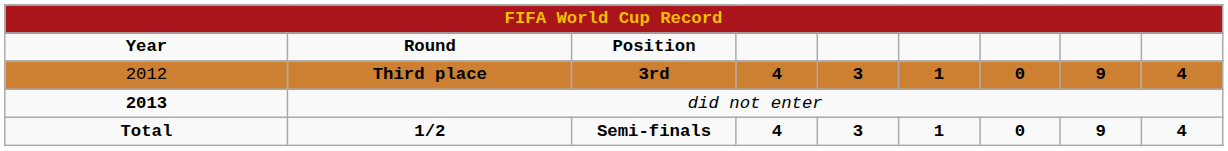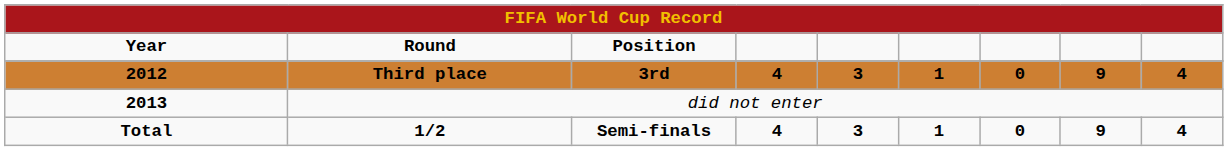 <table align=border width=52% border=1 cellpadding="2" cellspacing="0" style="background: #f9f9f9; border: 1px #aaa solid; border-collapse: collapse; font-size: 90%; text-align: center;">
 <tr bgcolor=#aa151b style="color:#f1bf00;">
 <th colspan=9>FIFA World Cup Record</th>
 </tr>
 <tr>
 <th width=100>Year</th>
 <th width=100>Round</th>
 <th width=25>Position</th>
 <th width=25></th>
 <th width=25></th>
 <th width=25></th>
 <th width=25></th>
 <th width=25></th>
 <th width=25></th>
 </tr>
 <tr>
 </tr>
 <tr bgcolor=#CD7F32>
-<td> 2012</td>
+<td><strong> 2012</strong></td>
 <td><strong>Third place</strong></td>
 <td><strong>3rd</strong></td>
 <td><strong>4</strong></td>
 <td><strong>3</strong></td>
 <td><strong>1</strong></td>
 <td><strong>0</strong></td>
 <td><strong>9</strong></td>
 <td><strong>4</strong></td>
 </tr>
 <tr>
 <td><strong> 2013</strong></td>
 <td colspan="10"><em>did not enter</em></td>
 </tr>
 <tr>
 <th><strong>Total</strong></th>
 <th>1/2</th>
 <th>Semi-finals</th>
 <th>4</th>
 <th>3</th>
 <th>1</th>
 <th>0</th>
 <th>9</th>
 <th>4</th>
 </tr>
 </table>
